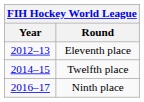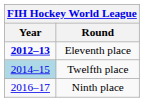 <table class="wikitable" style="text-align: center; font-size: 90%;">
 <tr>
 <th colspan="8"><a href='#'>FIH Hockey World League</a></th>
 </tr>
 <tr>
 <th>Year</th>
 <th>Round</th>
 </tr>
 <tr>
-<td> <a href='#'>2012–13</a></td>
+<td><strong> <a href='#'>2012–13</a></strong></td>
 <td>Eleventh place</td>
 </tr>
 <tr>
-<td> <a href='#'>2014–15</a></td>
+<td style="background: lightblue;"> <a href='#'>2014–15</a></td>
 <td>Twelfth place</td>
 </tr>
 <tr>
 <td> <a href='#'>2016–17</a></td>
 <td>Ninth place</td>
 </tr>
 </table>
